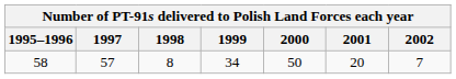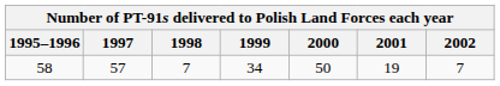 <table class="wikitable">
 <tr>
 <th colspan="7">Number of PT-91<em>s</em> delivered to Polish Land Forces each year</th>
 </tr>
 <tr valign="top">
 <th style="width:16%;">1995–1996</th>
 <th style="width:14%;">1997</th>
 <th style="width:14%;">1998</th>
 <th style="width:14%;">1999</th>
 <th style="width:14%;">2000</th>
 <th style="width:14%;">2001</th>
 <th style="width:14%;">2002</th>
 </tr>
 <tr style="vertical-align:top; text-align:center;">
 <td>58</td>
 <td>57</td>
-<td>8</td>
+<td>7</td>
 <td>34</td>
 <td>50</td>
-<td>20</td>
+<td>19</td>
 <td>7</td>
 </tr>
 </table>
